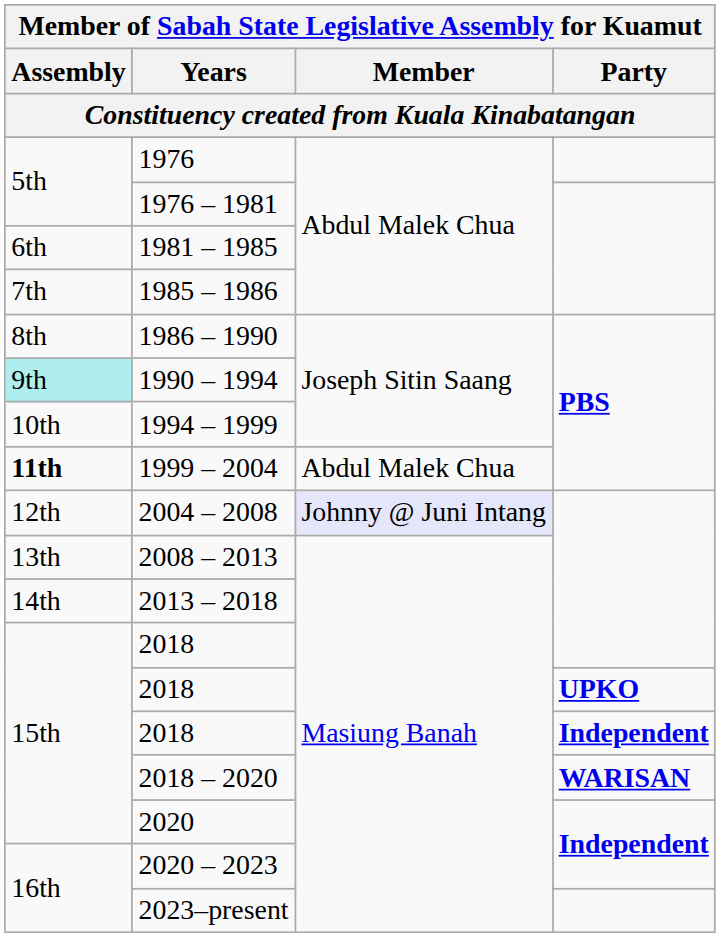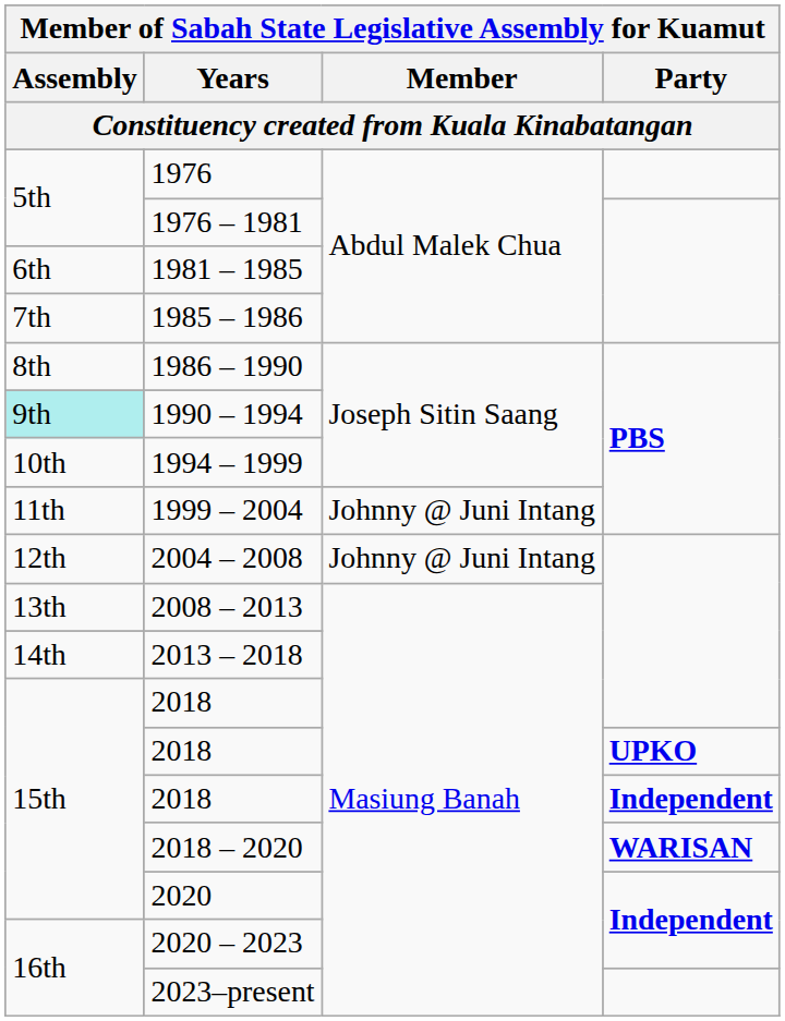 <table class="wikitable">
 <tr>
 <th colspan="4">Member of <a href='#'>Sabah State Legislative Assembly</a> for Kuamut</th>
 </tr>
 <tr>
 <th>Assembly</th>
 <th>Years</th>
 <th>Member</th>
 <th>Party</th>
 </tr>
 <tr>
 <th colspan="4" align="center"><em>Constituency created from Kuala Kinabatangan</em></th>
 </tr>
 <tr>
 <td rowspan="2">5th</td>
 <td>1976</td>
 <td rowspan="4">Abdul Malek Chua</td>
 <td></td>
 </tr>
 <tr>
 <td>1976 – 1981</td>
 <td rowspan="3"></td>
 </tr>
 <tr>
 <td>6th</td>
 <td>1981 – 1985</td>
 </tr>
 <tr>
 <td>7th</td>
 <td>1985 – 1986</td>
 </tr>
 <tr>
 <td>8th</td>
 <td>1986 – 1990</td>
 <td rowspan="3">Joseph Sitin Saang</td>
 <td rowspan="4"><strong><a href='#'>PBS</a></strong></td>
 </tr>
 <tr>
 <td style="background: paleturquoise;">9th</td>
 <td>1990 – 1994</td>
 </tr>
 <tr>
 <td>10th</td>
 <td>1994 – 1999</td>
 </tr>
 <tr>
-<td><strong>11th</strong></td>
+<td>11th</td>
 <td>1999 – 2004</td>
-<td>Abdul Malek Chua</td>
+<td>Johnny @ Juni Intang</td>
 </tr>
 <tr>
 <td>12th</td>
 <td>2004 – 2008</td>
-<td style="background: lavender;">Johnny @ Juni Intang</td>
+<td>Johnny @ Juni Intang</td>
 <td rowspan="4"></td>
 </tr>
 <tr>
 <td>13th</td>
 <td>2008 – 2013</td>
 <td rowspan="9"><a href='#'>Masiung Banah</a></td>
 </tr>
 <tr>
 <td>14th</td>
 <td>2013 – 2018</td>
 </tr>
 <tr>
 <td rowspan="5">15th</td>
 <td>2018</td>
 </tr>
 <tr>
 <td>2018</td>
 <td><strong><a href='#'>UPKO</a></strong></td>
 </tr>
 <tr>
 <td>2018</td>
 <td><strong><a href='#'>Independent</a></strong></td>
 </tr>
 <tr>
 <td>2018 – 2020</td>
 <td><strong><a href='#'>WARISAN</a></strong></td>
 </tr>
 <tr>
 <td>2020</td>
 <td rowspan="2"><strong><a href='#'>Independent</a></strong></td>
 </tr>
 <tr>
 <td rowspan="2">16th</td>
 <td>2020 – 2023</td>
 </tr>
 <tr>
 <td>2023–present</td>
 <td></td>
 </tr>
 </table>
